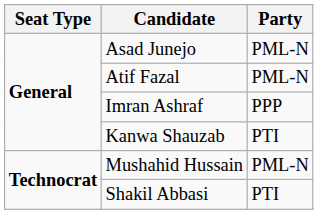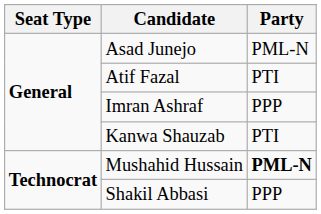 <table class="wikitable">
 <tr>
 <th>Seat Type</th>
 <th>Candidate</th>
 <th>Party</th>
 </tr>
 <tr>
 <td rowspan="4"><strong>General</strong></td>
 <td style="background:">Asad Junejo</td>
 <td style="background:">PML-N</td>
 </tr>
 <tr>
 <td style="background:">Atif Fazal</td>
-<td style="background:">PML-N</td>
+<td style="background:">PTI</td>
 </tr>
 <tr>
 <td style="background:">Imran Ashraf</td>
 <td style="background:">PPP</td>
 </tr>
 <tr>
 <td style="background:">Kanwa Shauzab</td>
 <td style="background:">PTI</td>
 </tr>
 <tr>
 <td rowspan="2"><strong>Technocrat</strong></td>
 <td style="background:">Mushahid Hussain</td>
-<td style="background:">PML-N</td>
+<td style="background:"><strong>PML-N</strong></td>
 </tr>
 <tr>
 <td style="background:">Shakil Abbasi</td>
-<td style="background:">PTI</td>
+<td style="background:">PPP</td>
 </tr>
 </table>
